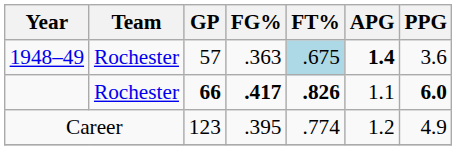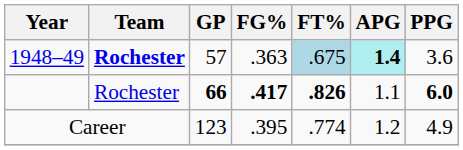 <table class="wikitable sortable" style="font-size:95%; text-align:right;">
 <tr>
 <th>Year</th>
 <th>Team</th>
 <th>GP</th>
 <th>FG%</th>
 <th>FT%</th>
 <th>APG</th>
 <th>PPG</th>
 </tr>
 <tr>
 <td style="text-align:left;"><a href='#'>1948–49</a></td>
-<td style="text-align:left;"><a href='#'>Rochester</a></td>
+<td style="text-align:left;"><strong><a href='#'>Rochester</a></strong></td>
 <td>57</td>
 <td>.363</td>
 <td style="background: lightblue;">.675</td>
-<td><strong>1.4</strong></td>
+<td style="background: paleturquoise;"><strong>1.4</strong></td>
 <td>3.6</td>
 </tr>
 <tr>
 <td style="text-align:left;"></td>
 <td style="text-align:left;"><a href='#'>Rochester</a></td>
 <td><strong>66</strong></td>
 <td><strong>.417</strong></td>
 <td><strong>.826</strong></td>
 <td>1.1</td>
 <td><strong>6.0</strong></td>
 </tr>
 <tr>
 <td style="text-align:center;" colspan="2">Career</td>
 <td>123</td>
 <td>.395</td>
 <td>.774</td>
 <td>1.2</td>
 <td>4.9</td>
 </tr>
 <tr>
 </tr>
 </table>
